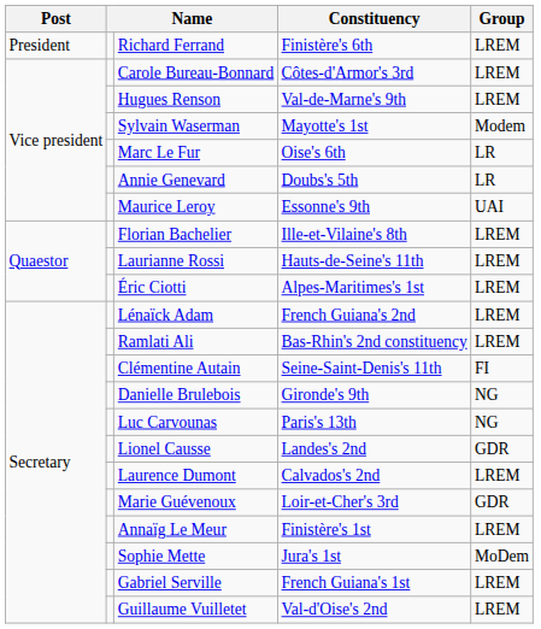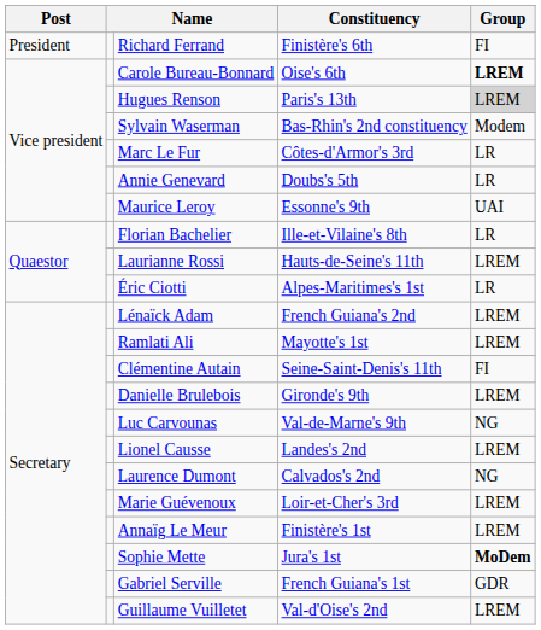 <table class="wikitable" style="font-size:95%;">
 <tr>
 <th>Post</th>
 <th colspan=2>Name</th>
 <th>Constituency</th>
 <th>Group</th>
 </tr>
 <tr>
 <td>President</td>
 <td style="background:"></td>
 <td><a href='#'>Richard Ferrand</a></td>
 <td><a href='#'>Finistère's 6th</a></td>
-<td>LREM</td>
+<td>FI</td>
 </tr>
 <tr>
 <td rowspan=6>Vice president</td>
 <td style="background:"></td>
 <td><a href='#'>Carole Bureau-Bonnard</a></td>
-<td><a href='#'>Côtes-d'Armor's 3rd</a></td>
-<td>LREM</td>
+<td><a href='#'>Oise's 6th</a></td>
+<td><strong>LREM</strong></td>
 </tr>
 <tr>
 <td style="background:"></td>
 <td><a href='#'>Hugues Renson</a></td>
-<td><a href='#'>Val-de-Marne's 9th</a></td>
-<td>LREM</td>
+<td><a href='#'>Paris's 13th</a></td>
+<td style="background: lightgrey;">LREM</td>
 </tr>
 <tr>
 <td style="background:"></td>
 <td><a href='#'>Sylvain Waserman</a></td>
-<td><a href='#'>Mayotte's 1st</a></td>
+<td><a href='#'>Bas-Rhin's 2nd constituency</a></td>
 <td>Modem</td>
 </tr>
 <tr>
 <td style="background:"></td>
 <td><a href='#'>Marc Le Fur</a></td>
-<td><a href='#'>Oise's 6th</a></td>
+<td><a href='#'>Côtes-d'Armor's 3rd</a></td>
 <td>LR</td>
 </tr>
 <tr>
 <td style="background:"></td>
 <td><a href='#'>Annie Genevard</a></td>
 <td><a href='#'>Doubs's 5th</a></td>
 <td>LR</td>
 </tr>
 <tr>
 <td style="background:"></td>
 <td><a href='#'>Maurice Leroy</a></td>
 <td><a href='#'>Essonne's 9th</a></td>
 <td>UAI</td>
 </tr>
 <tr>
 <td rowspan=3><a href='#'>Quaestor</a></td>
 <td style="background:"></td>
 <td><a href='#'>Florian Bachelier</a></td>
 <td><a href='#'>Ille-et-Vilaine's 8th</a></td>
-<td>LREM</td>
+<td>LR</td>
 </tr>
 <tr>
 <td style="background:"></td>
 <td><a href='#'>Laurianne Rossi</a></td>
 <td><a href='#'>Hauts-de-Seine's 11th</a></td>
 <td>LREM</td>
 </tr>
 <tr>
 <td style="background:"></td>
 <td><a href='#'>Éric Ciotti</a></td>
 <td><a href='#'>Alpes-Maritimes's 1st</a></td>
-<td>LREM</td>
+<td>LR</td>
 </tr>
 <tr>
 <td rowspan=12>Secretary</td>
 <td style="background:"></td>
 <td><a href='#'>Lénaïck Adam</a></td>
 <td><a href='#'>French Guiana's 2nd</a></td>
 <td>LREM</td>
 </tr>
 <tr>
 <td style="background:"></td>
 <td><a href='#'>Ramlati Ali</a></td>
-<td><a href='#'>Bas-Rhin's 2nd constituency</a></td>
+<td><a href='#'>Mayotte's 1st</a></td>
 <td>LREM</td>
 </tr>
 <tr>
 <td style="background:"></td>
 <td><a href='#'>Clémentine Autain</a></td>
 <td><a href='#'>Seine-Saint-Denis's 11th</a></td>
 <td>FI</td>
 </tr>
 <tr>
 <td style="background:"></td>
 <td><a href='#'>Danielle Brulebois</a></td>
 <td><a href='#'>Gironde's 9th</a></td>
-<td>NG</td>
+<td>LREM</td>
 </tr>
 <tr>
 <td style="background:"></td>
 <td><a href='#'>Luc Carvounas</a></td>
-<td><a href='#'>Paris's 13th</a></td>
+<td><a href='#'>Val-de-Marne's 9th</a></td>
 <td>NG</td>
 </tr>
 <tr>
 <td style="background:"></td>
 <td><a href='#'>Lionel Causse</a></td>
 <td><a href='#'>Landes's 2nd</a></td>
-<td>GDR</td>
+<td>LREM</td>
 </tr>
 <tr>
 <td style="background:"></td>
 <td><a href='#'>Laurence Dumont</a></td>
 <td><a href='#'>Calvados's 2nd</a></td>
-<td>LREM</td>
+<td>NG</td>
 </tr>
 <tr>
 <td style="background:"></td>
 <td><a href='#'>Marie Guévenoux</a></td>
 <td><a href='#'>Loir-et-Cher's 3rd</a></td>
-<td>GDR</td>
+<td>LREM</td>
 </tr>
 <tr>
 <td style="background:"></td>
 <td><a href='#'>Annaïg Le Meur</a></td>
 <td><a href='#'>Finistère's 1st</a></td>
 <td>LREM</td>
 </tr>
 <tr>
 <td style="background:"></td>
 <td><a href='#'>Sophie Mette</a></td>
 <td><a href='#'>Jura's 1st</a></td>
-<td>MoDem</td>
+<td><strong>MoDem</strong></td>
 </tr>
 <tr>
 <td style="background:"></td>
 <td><a href='#'>Gabriel Serville</a></td>
 <td><a href='#'>French Guiana's 1st</a></td>
-<td>LREM</td>
+<td>GDR</td>
 </tr>
 <tr>
 <td style="background:"></td>
 <td><a href='#'>Guillaume Vuilletet</a></td>
 <td><a href='#'>Val-d'Oise's 2nd</a></td>
 <td>LREM</td>
 </tr>
 </table>
